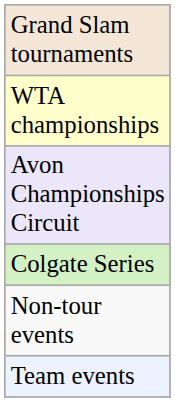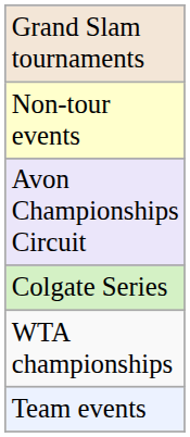 <table class=wikitable  style=font-size:90%;width:12%>
 <tr style="background:#F3E6D7;">
 <td>Grand Slam tournaments</td>
 </tr>
 <tr style="background:#ffc;">
-<td>WTA championships</td>
+<td>Non-tour events</td>
 </tr>
 <tr style="background:#ebe6fa;">
 <td>Avon Championships Circuit</td>
 </tr>
 <tr style="background:#D4F1C5;">
 <td>Colgate Series</td>
 </tr>
 <tr>
-<td>Non-tour events</td>
+<td>WTA championships</td>
 </tr>
 <tr style="background:#ECF2FF;">
 <td>Team events</td>
 </tr>
 </table>
